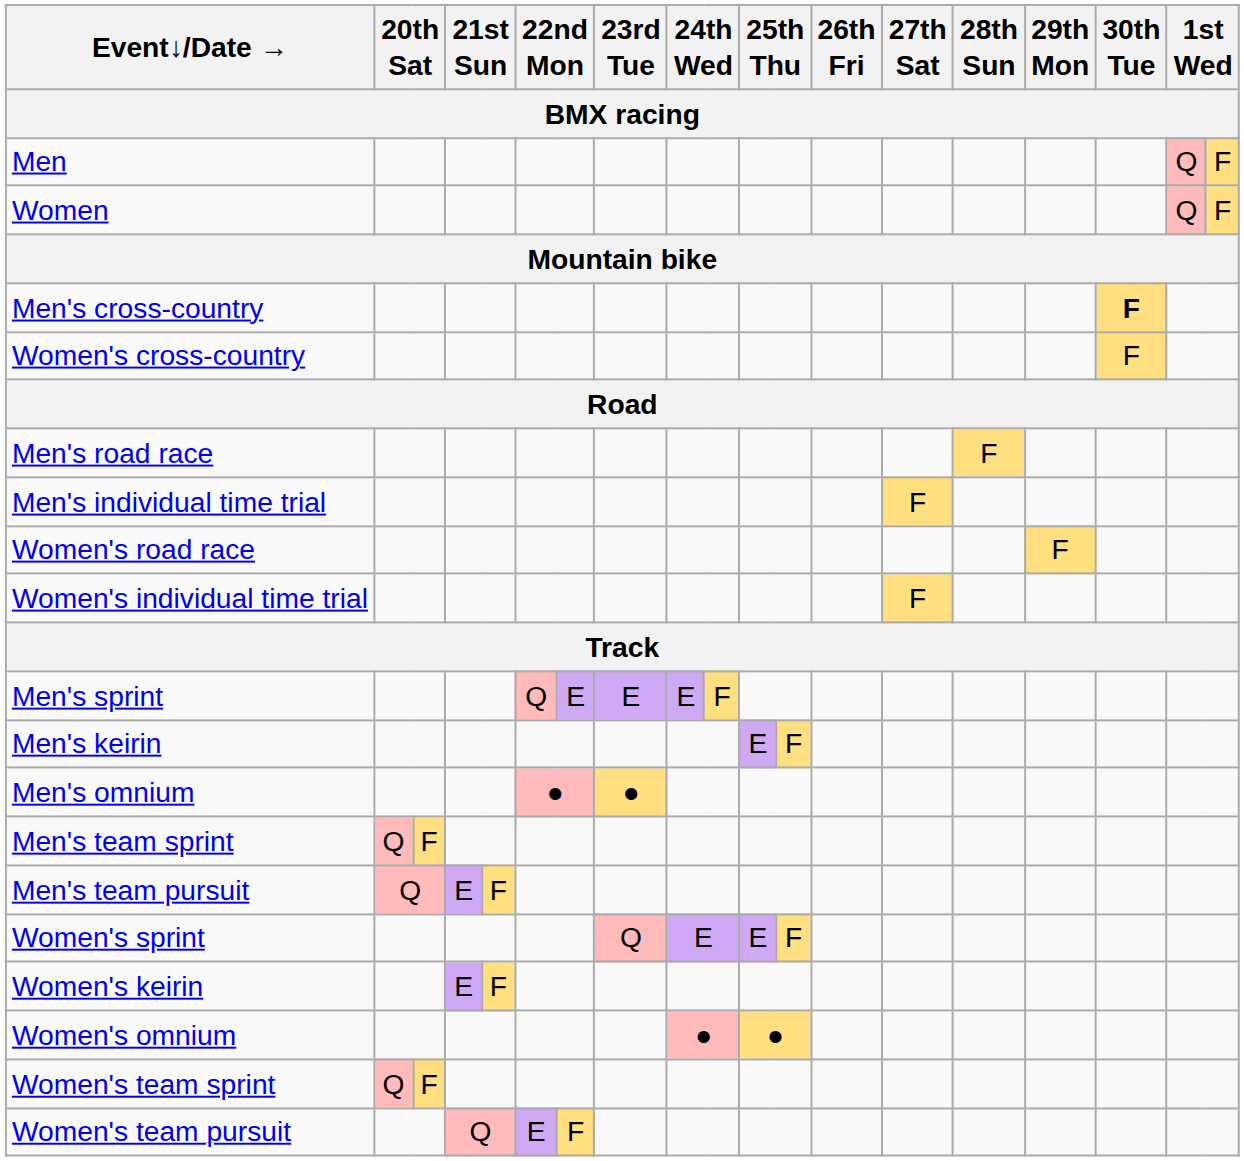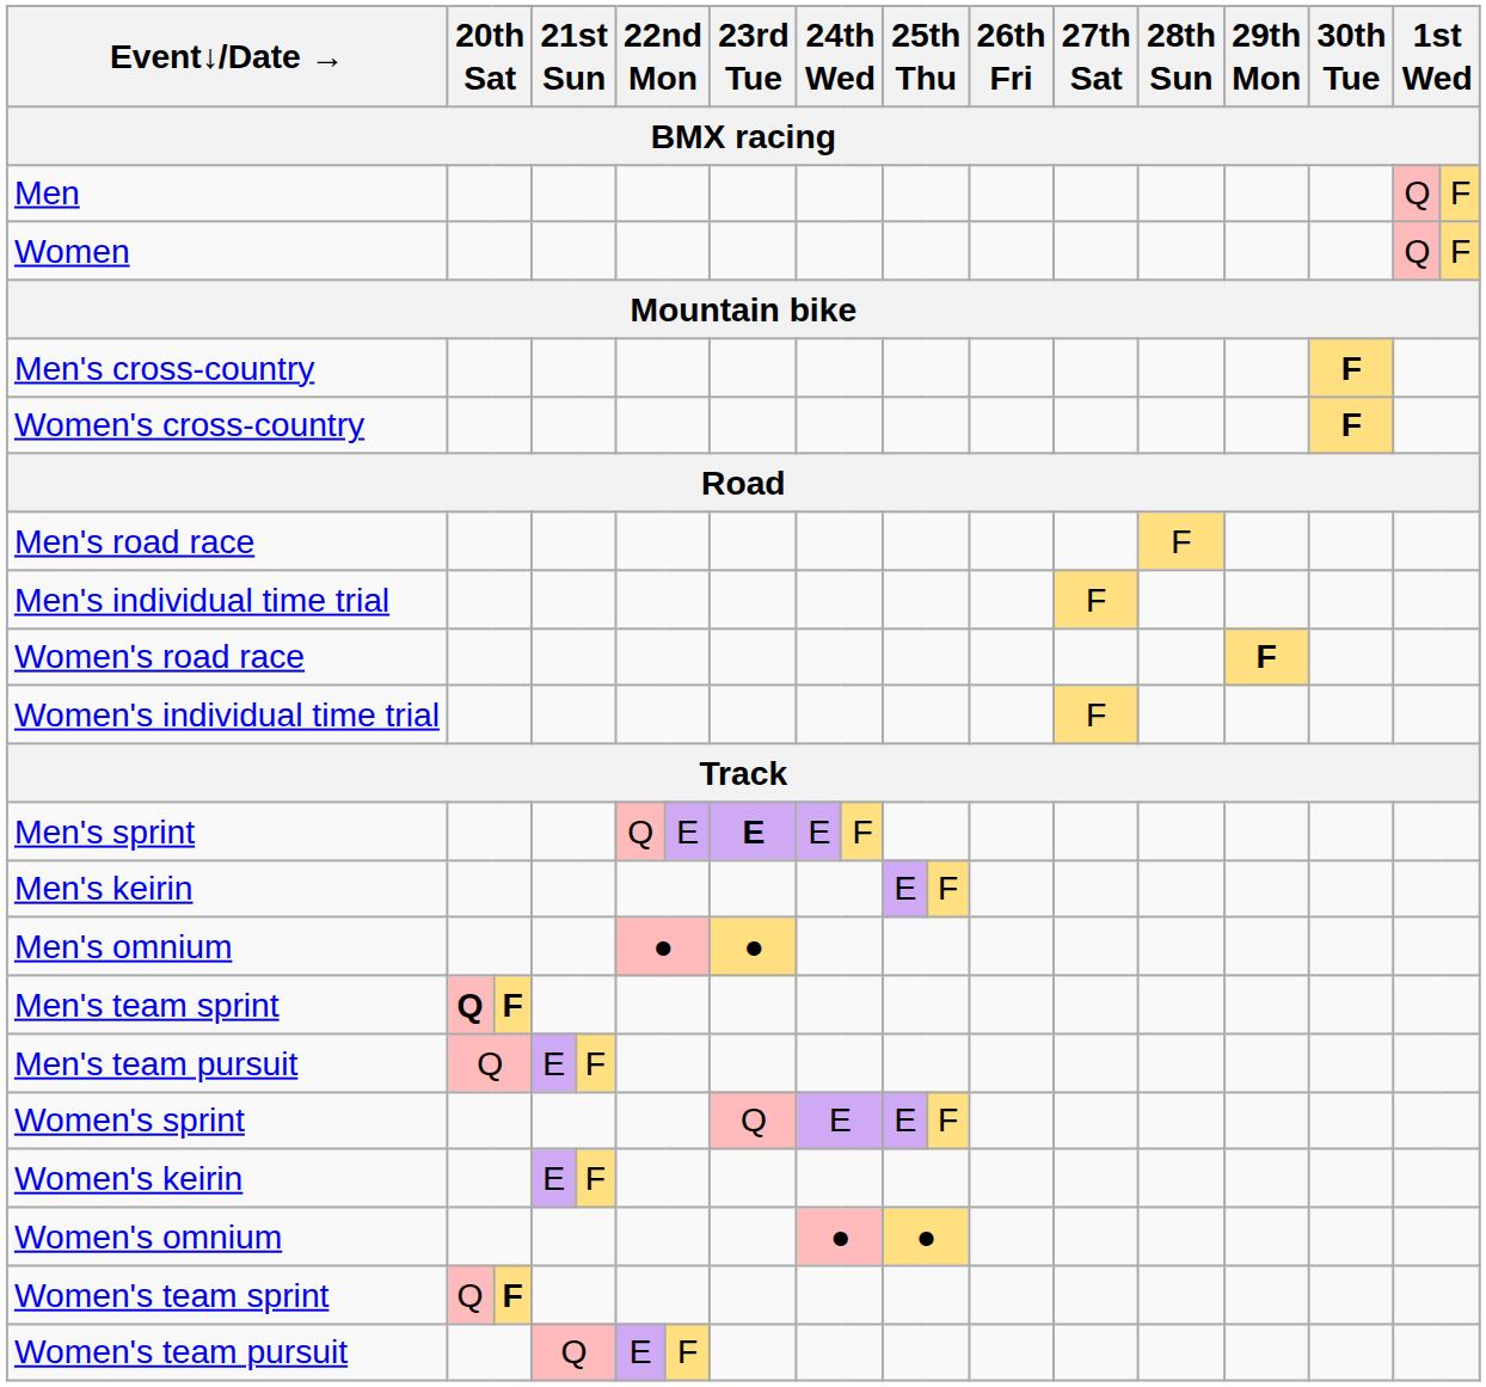 <table class="wikitable" style="margin:0.5em auto; font-size:90%; line-height:1.25em; text-align:center;">
 <tr>
 <th>Event↓/Date →</th>
 <th colspan=2>20th<br>Sat</th>
 <th colspan=2>21st<br>Sun</th>
 <th colspan=2>22nd<br>Mon</th>
 <th>23rd<br>Tue</th>
 <th colspan=2>24th<br>Wed</th>
 <th colspan=2>25th<br>Thu</th>
 <th>26th<br>Fri</th>
 <th>27th<br>Sat</th>
 <th>28th<br>Sun</th>
 <th>29th<br>Mon</th>
 <th>30th<br>Tue</th>
 <th colspan=2>1st<br>Wed</th>
 </tr>
 <tr>
 <th colspan=19>BMX racing</th>
 </tr>
 <tr>
 <td align="left"><a href='#'>Men</a></td>
 <td colspan=2></td>
 <td colspan=2></td>
 <td colspan=2></td>
 <td></td>
 <td colspan=2></td>
 <td colspan=2></td>
 <td></td>
 <td></td>
 <td></td>
 <td></td>
 <td></td>
 <td bgcolor="#FFBBBB">Q</td>
 <td bgcolor="#FFDF80">F</td>
 </tr>
 <tr>
 <td align="left"><a href='#'>Women</a></td>
 <td colspan=2></td>
 <td colspan=2></td>
 <td colspan=2></td>
 <td></td>
 <td colspan=2></td>
 <td colspan=2></td>
 <td></td>
 <td></td>
 <td></td>
 <td></td>
 <td></td>
 <td bgcolor="#FFBBBB">Q</td>
 <td bgcolor="#FFDF80">F</td>
 </tr>
 <tr>
 <th colspan=19>Mountain bike</th>
 </tr>
 <tr>
 <td align="left"><a href='#'>Men's cross-country</a></td>
 <td colspan=2></td>
 <td colspan=2></td>
 <td colspan=2></td>
 <td></td>
 <td colspan=2></td>
 <td colspan=2></td>
 <td></td>
 <td></td>
 <td></td>
 <td></td>
 <td bgcolor="#FFDF80"><strong>F</strong></td>
 <td colspan=2></td>
 </tr>
 <tr>
 <td align="left"><a href='#'>Women's cross-country</a></td>
 <td colspan=2></td>
 <td colspan=2></td>
 <td colspan=2></td>
 <td></td>
 <td colspan=2></td>
 <td colspan=2></td>
 <td></td>
 <td></td>
 <td></td>
 <td></td>
-<td bgcolor="#FFDF80">F</td>
+<td bgcolor="#FFDF80"><strong>F</strong></td>
 <td colspan=2></td>
 </tr>
 <tr>
 <th colspan=19>Road</th>
 </tr>
 <tr>
 <td align="left"><a href='#'>Men's road race</a></td>
 <td colspan=2></td>
 <td colspan=2></td>
 <td colspan=2></td>
 <td></td>
 <td colspan=2></td>
 <td colspan=2></td>
 <td></td>
 <td></td>
 <td bgcolor="#FFDF80">F</td>
 <td></td>
 <td></td>
 <td colspan=2></td>
 </tr>
 <tr>
 <td align="left"><a href='#'>Men's individual time trial</a></td>
 <td colspan=2></td>
 <td colspan=2></td>
 <td colspan=2></td>
 <td></td>
 <td colspan=2></td>
 <td colspan=2></td>
 <td></td>
 <td bgcolor="#FFDF80">F</td>
 <td></td>
 <td></td>
 <td></td>
 <td colspan=2></td>
 </tr>
 <tr>
 <td align="left"><a href='#'>Women's road race</a></td>
 <td colspan=2></td>
 <td colspan=2></td>
 <td colspan=2></td>
 <td></td>
 <td colspan=2></td>
 <td colspan=2></td>
 <td></td>
 <td></td>
 <td></td>
-<td bgcolor="#FFDF80">F</td>
+<td bgcolor="#FFDF80"><strong>F</strong></td>
 <td></td>
 <td colspan=2></td>
 </tr>
 <tr>
 <td align="left"><a href='#'>Women's individual time trial</a></td>
 <td colspan=2></td>
 <td colspan=2></td>
 <td colspan=2></td>
 <td></td>
 <td colspan=2></td>
 <td colspan=2></td>
 <td></td>
 <td bgcolor="#FFDF80">F</td>
 <td></td>
 <td></td>
 <td></td>
 <td colspan=2></td>
 </tr>
 <tr>
 <th colspan=19>Track</th>
 </tr>
 <tr>
 <td align="left"><a href='#'>Men's sprint</a></td>
 <td colspan=2></td>
 <td colspan=2></td>
 <td bgcolor="#FFBBBB">Q</td>
 <td bgcolor="#D0A9F5">E</td>
-<td bgcolor="#D0A9F5">E</td>
+<td bgcolor="#D0A9F5"><strong>E</strong></td>
 <td bgcolor="#D0A9F5">E</td>
 <td bgcolor="#FFDF80">F</td>
 <td colspan=2></td>
 <td></td>
 <td></td>
 <td></td>
 <td></td>
 <td></td>
 <td colspan=2></td>
 </tr>
 <tr>
 <td align="left"><a href='#'>Men's keirin</a></td>
 <td colspan=2></td>
 <td colspan=2></td>
 <td colspan=2></td>
 <td></td>
 <td colspan=2></td>
 <td bgcolor="#D0A9F5">E</td>
 <td bgcolor="#FFDF80">F</td>
 <td></td>
 <td></td>
 <td></td>
 <td></td>
 <td></td>
 <td colspan=2></td>
 </tr>
 <tr>
 <td align="left"><a href='#'>Men's omnium</a></td>
 <td colspan=2></td>
 <td colspan=2></td>
 <td colspan=2 bgcolor="#FFBBBB">●</td>
 <td bgcolor="#FFDF80">●</td>
 <td colspan=2></td>
 <td colspan=2></td>
 <td></td>
 <td></td>
 <td></td>
 <td></td>
 <td></td>
 <td colspan=2></td>
 </tr>
 <tr>
 <td align="left"><a href='#'>Men's team sprint</a></td>
-<td bgcolor="#FFBBBB">Q</td>
-<td bgcolor="#FFDF80">F</td>
+<td bgcolor="#FFBBBB"><strong>Q</strong></td>
+<td bgcolor="#FFDF80"><strong>F</strong></td>
 <td colspan=2></td>
 <td colspan=2></td>
 <td></td>
 <td colspan=2></td>
 <td colspan=2></td>
 <td></td>
 <td></td>
 <td></td>
 <td></td>
 <td></td>
 <td colspan=2></td>
 </tr>
 <tr>
 <td align="left"><a href='#'>Men's team pursuit</a></td>
 <td colspan=2 bgcolor="#FFBBBB">Q</td>
 <td bgcolor="#D0A9F5">E</td>
 <td bgcolor="#FFDF80">F</td>
 <td colspan=2></td>
 <td></td>
 <td colspan=2></td>
 <td colspan=2></td>
 <td></td>
 <td></td>
 <td></td>
 <td></td>
 <td></td>
 <td colspan=2></td>
 </tr>
 <tr>
 <td align="left"><a href='#'>Women's sprint</a></td>
 <td colspan=2></td>
 <td colspan=2></td>
 <td colspan=2></td>
 <td bgcolor="#FFBBBB">Q</td>
 <td colspan=2 bgcolor="#D0A9F5">E</td>
 <td bgcolor="#D0A9F5">E</td>
 <td bgcolor="#FFDF80">F</td>
 <td></td>
 <td></td>
 <td></td>
 <td></td>
 <td></td>
 <td colspan=2></td>
 </tr>
 <tr>
 <td align="left"><a href='#'>Women's keirin</a></td>
 <td colspan=2></td>
 <td bgcolor="#D0A9F5">E</td>
 <td bgcolor="#FFDF80">F</td>
 <td colspan=2></td>
 <td></td>
 <td colspan=2></td>
 <td colspan=2></td>
 <td></td>
 <td></td>
 <td></td>
 <td></td>
 <td></td>
 <td colspan=2></td>
 </tr>
 <tr>
 <td align="left"><a href='#'>Women's omnium</a></td>
 <td colspan=2></td>
 <td colspan=2></td>
 <td colspan=2></td>
 <td></td>
 <td colspan=2 bgcolor="#FFBBBB">●</td>
 <td colspan=2 bgcolor="#FFDF80">●</td>
 <td></td>
 <td></td>
 <td></td>
 <td></td>
 <td></td>
 <td colspan=2></td>
 </tr>
 <tr>
 <td align="left"><a href='#'>Women's team sprint</a></td>
 <td bgcolor="#FFBBBB">Q</td>
-<td bgcolor="#FFDF80">F</td>
+<td bgcolor="#FFDF80"><strong>F</strong></td>
 <td colspan=2></td>
 <td colspan=2></td>
 <td></td>
 <td colspan=2></td>
 <td colspan=2></td>
 <td></td>
 <td></td>
 <td></td>
 <td></td>
 <td></td>
 <td colspan=2></td>
 </tr>
 <tr>
 <td align="left"><a href='#'>Women's team pursuit</a></td>
 <td colspan=2></td>
 <td colspan=2 bgcolor="#FFBBBB">Q</td>
 <td bgcolor="#D0A9F5">E</td>
 <td bgcolor="#FFDF80">F</td>
 <td></td>
 <td colspan=2></td>
 <td colspan=2></td>
 <td></td>
 <td></td>
 <td></td>
 <td></td>
 <td></td>
 <td colspan=2></td>
 </tr>
 </table>
